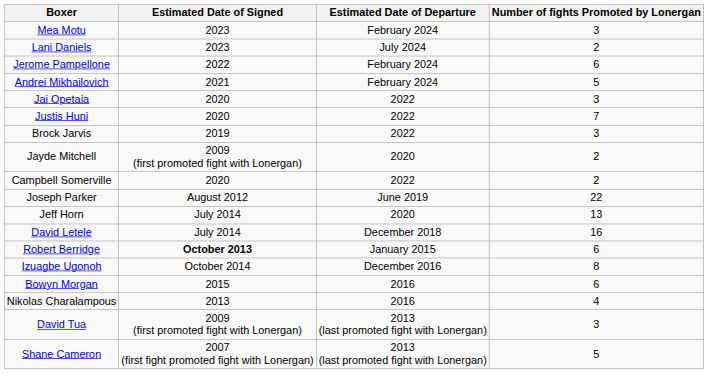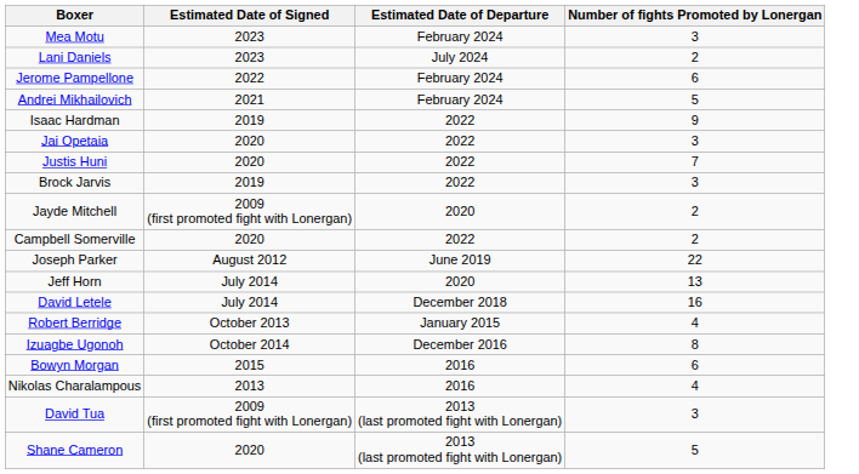 <table class="wikitable" style="text-align:center; font-family:Arial, Helvetica, sans-serif !important;">
 <tr>
 <th>Boxer</th>
 <th>Estimated Date of Signed</th>
 <th>Estimated Date of Departure</th>
 <th>Number of fights Promoted by Lonergan</th>
 </tr>
 <tr>
 <td><a href='#'>Mea Motu</a></td>
 <td>2023</td>
 <td>February 2024</td>
 <td>3</td>
 </tr>
 <tr>
 <td><a href='#'>Lani Daniels</a></td>
 <td>2023</td>
 <td>July 2024</td>
 <td>2</td>
 </tr>
 <tr>
 <td><a href='#'>Jerome Pampellone</a></td>
 <td>2022</td>
 <td>February 2024</td>
 <td>6</td>
 </tr>
 <tr>
 <td><a href='#'>Andrei Mikhailovich</a></td>
 <td>2021</td>
 <td>February 2024</td>
 <td>5</td>
+</tr>
+<tr>
+<td>Isaac Hardman</td>
+<td>2019</td>
+<td>2022</td>
+<td>9</td>
 </tr>
 <tr>
 <td><a href='#'>Jai Opetaia</a></td>
 <td>2020</td>
 <td>2022</td>
 <td>3</td>
 </tr>
 <tr>
 <td><a href='#'>Justis Huni</a></td>
 <td>2020</td>
 <td>2022</td>
 <td>7</td>
 </tr>
 <tr>
 <td>Brock Jarvis</td>
 <td>2019</td>
 <td>2022</td>
 <td>3</td>
 </tr>
 <tr>
 <td>Jayde Mitchell</td>
 <td>2009<br> (first promoted fight with Lonergan)</td>
 <td>2020</td>
 <td>2</td>
 </tr>
 <tr>
 <td>Campbell Somerville</td>
 <td>2020</td>
 <td>2022</td>
 <td>2</td>
 </tr>
 <tr>
 <td>Joseph Parker</td>
 <td>August 2012</td>
 <td>June 2019</td>
 <td>22</td>
 </tr>
 <tr>
 <td>Jeff Horn</td>
 <td>July 2014</td>
 <td>2020</td>
 <td>13</td>
 </tr>
 <tr>
 <td><a href='#'>David Letele</a></td>
 <td>July 2014</td>
 <td>December 2018</td>
 <td>16</td>
 </tr>
 <tr>
 <td><a href='#'>Robert Berridge</a></td>
-<td><strong>October 2013</strong></td>
+<td>October 2013</td>
 <td>January 2015</td>
-<td>6</td>
+<td>4</td>
 </tr>
 <tr>
 <td><a href='#'>Izuagbe Ugonoh</a></td>
 <td>October 2014</td>
 <td>December 2016</td>
 <td>8</td>
 </tr>
 <tr>
 <td><a href='#'>Bowyn Morgan</a></td>
 <td>2015</td>
 <td>2016</td>
 <td>6</td>
 </tr>
 <tr>
 <td>Nikolas Charalampous</td>
 <td>2013</td>
 <td>2016</td>
 <td>4</td>
 </tr>
 <tr>
 <td><a href='#'>David Tua</a></td>
 <td>2009<br> (first promoted fight with Lonergan)</td>
 <td>2013<br> (last promoted fight with Lonergan)</td>
 <td>3</td>
 </tr>
 <tr>
 <td><a href='#'>Shane Cameron</a></td>
-<td>2007<br> (first fight promoted fight with Lonergan)</td>
+<td>2020</td>
 <td>2013<br> (last promoted fight with Lonergan)</td>
 <td>5</td>
 </tr>
 </table>
